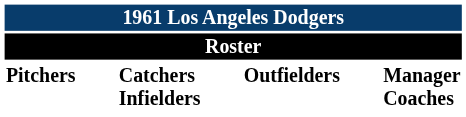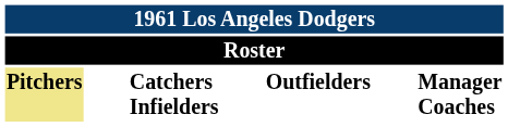 <table class="toccolours" style="font-size: 95%;">
 <tr>
 <th colspan="10" style="background-color: #083c6b; color: white; text-align: center;">1961 Los Angeles Dodgers</th>
 </tr>
 <tr>
 <td colspan="10" style="background-color: black; color: white; text-align: center;"><strong>Roster</strong></td>
 </tr>
 <tr>
-<td valign="top"><strong>Pitchers</strong><br>                    </td>
+<td valign="top" style="background: khaki;"><strong>Pitchers</strong><br>                    </td>
 <td width="25px"></td>
 <td valign="top"><strong>Catchers</strong><br>   <strong>Infielders</strong>          </td>
 <td width="25px"></td>
 <td valign="top"><strong>Outfielders</strong><br>        </td>
 <td width="25px"></td>
 <td valign="top"><strong>Manager</strong><br> <strong>Coaches</strong>    </td>
 </tr>
 </table>
